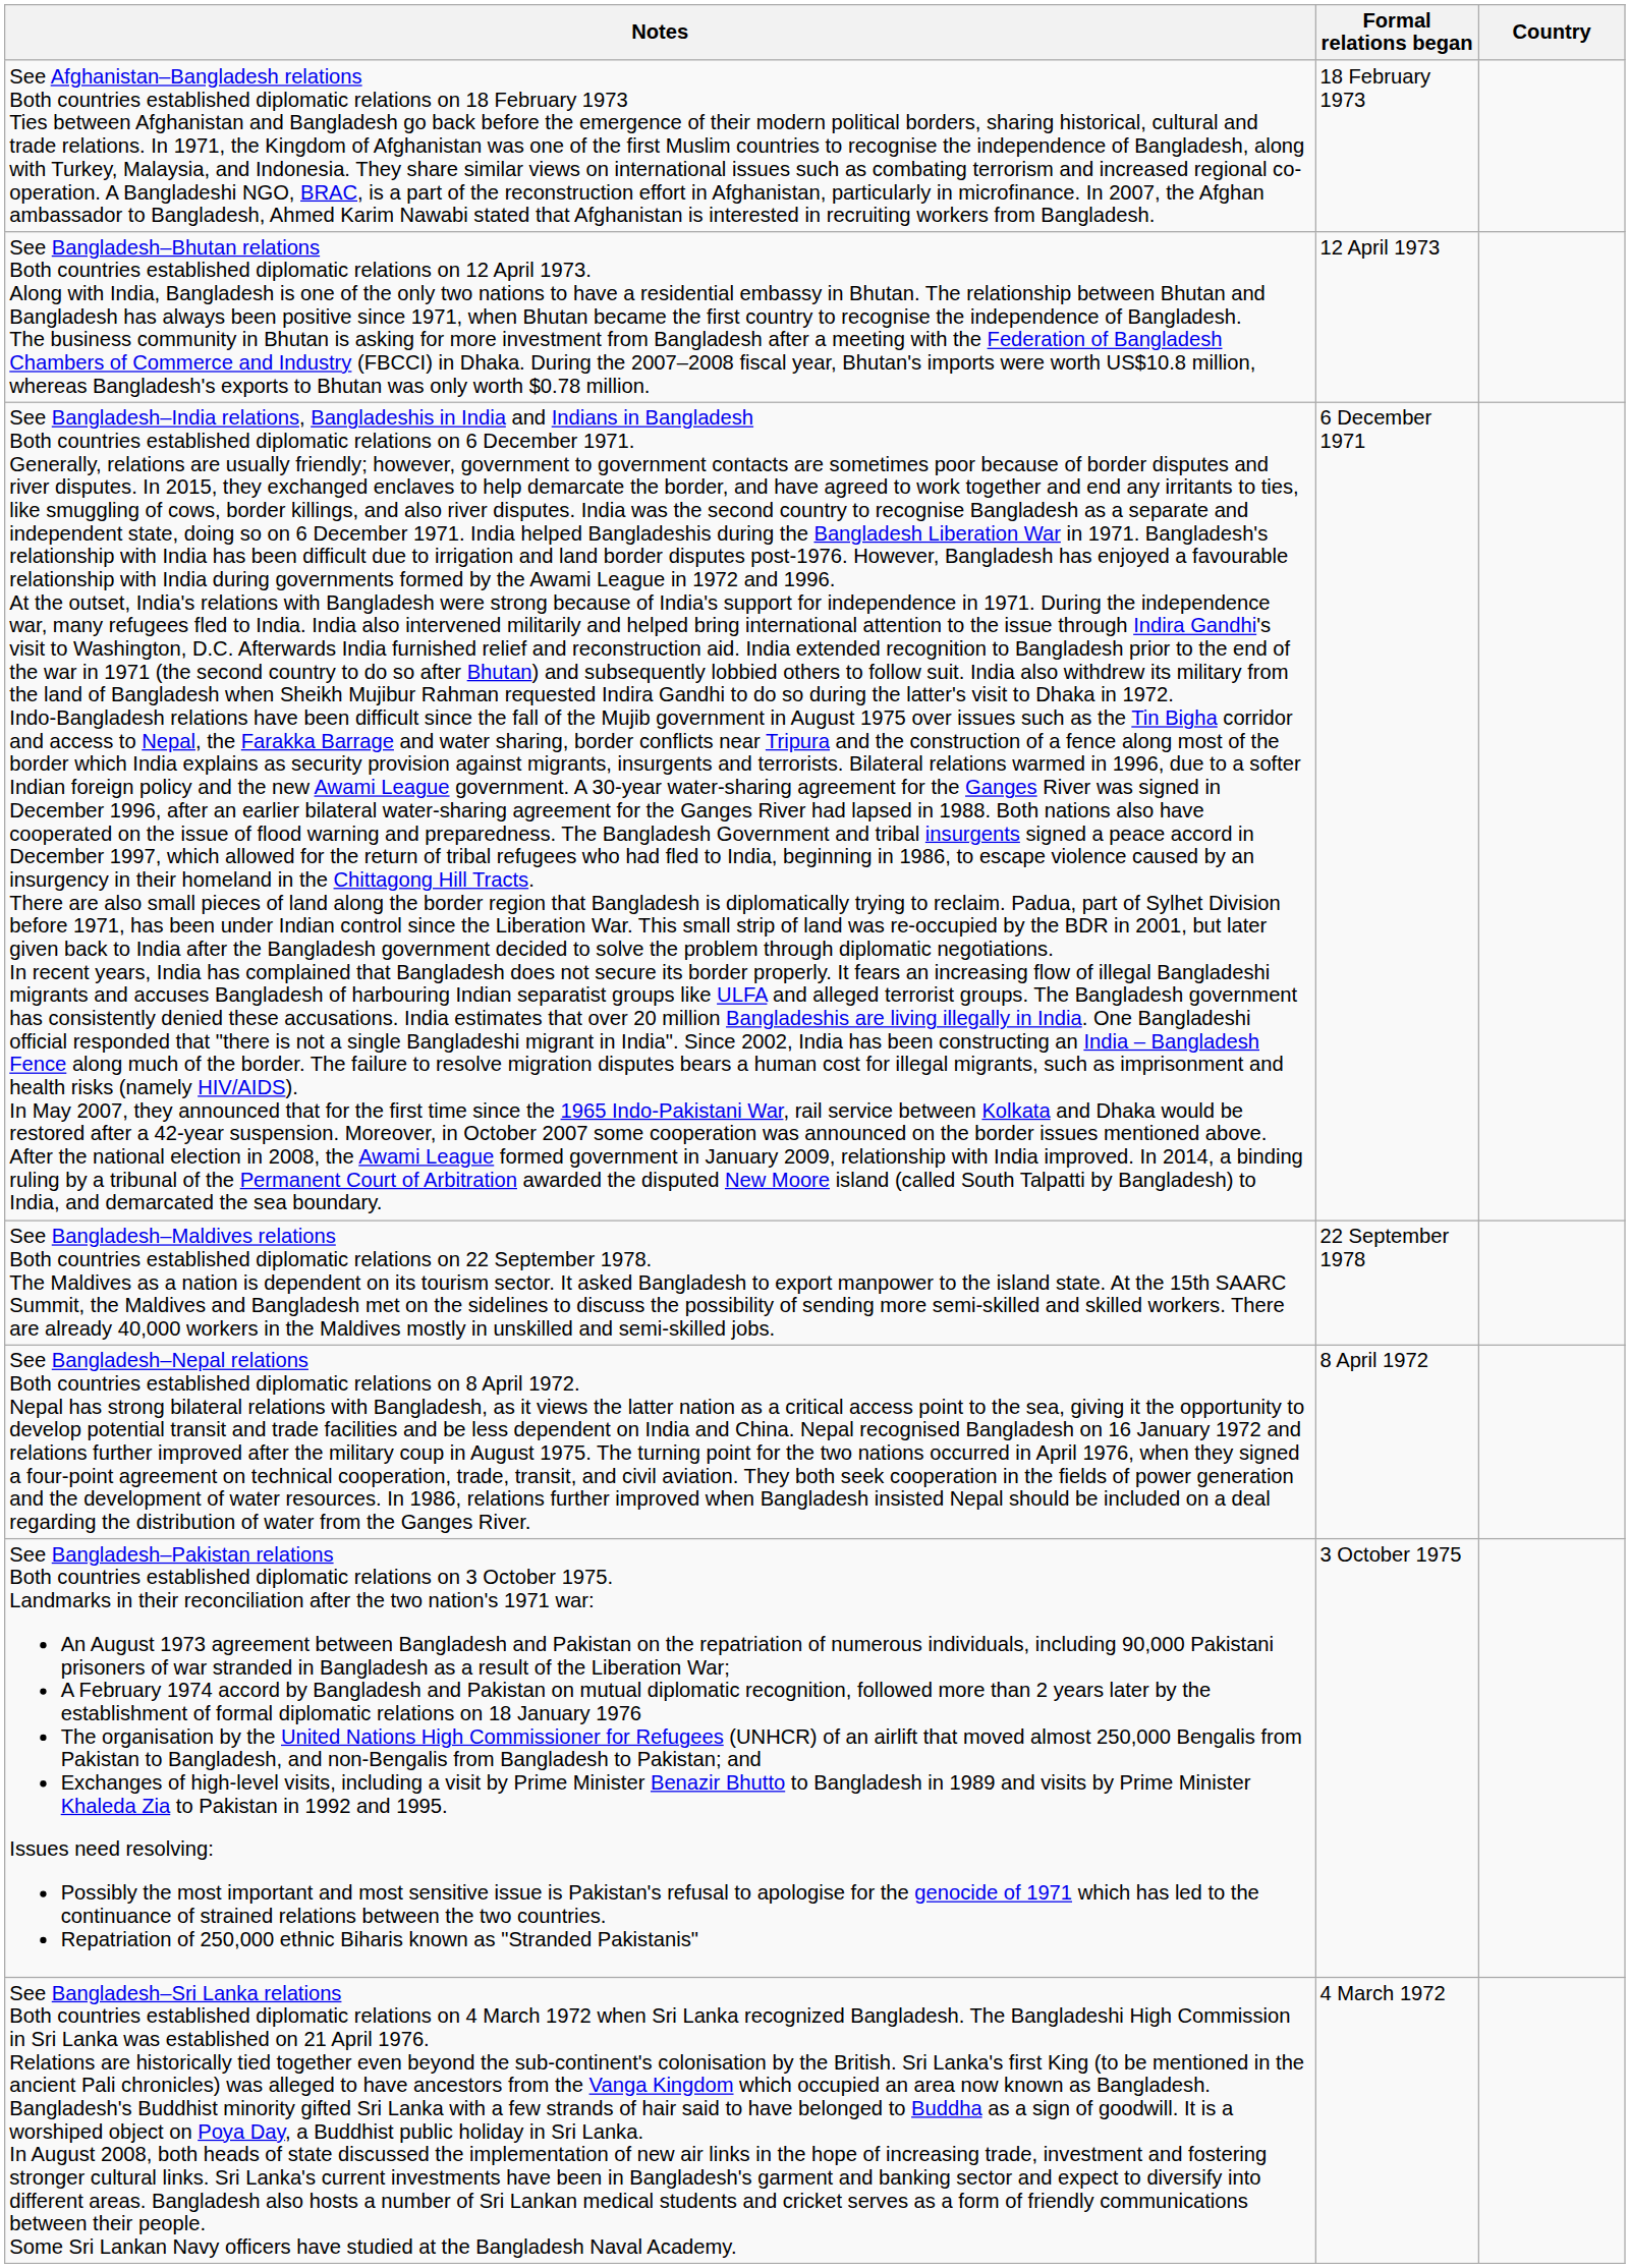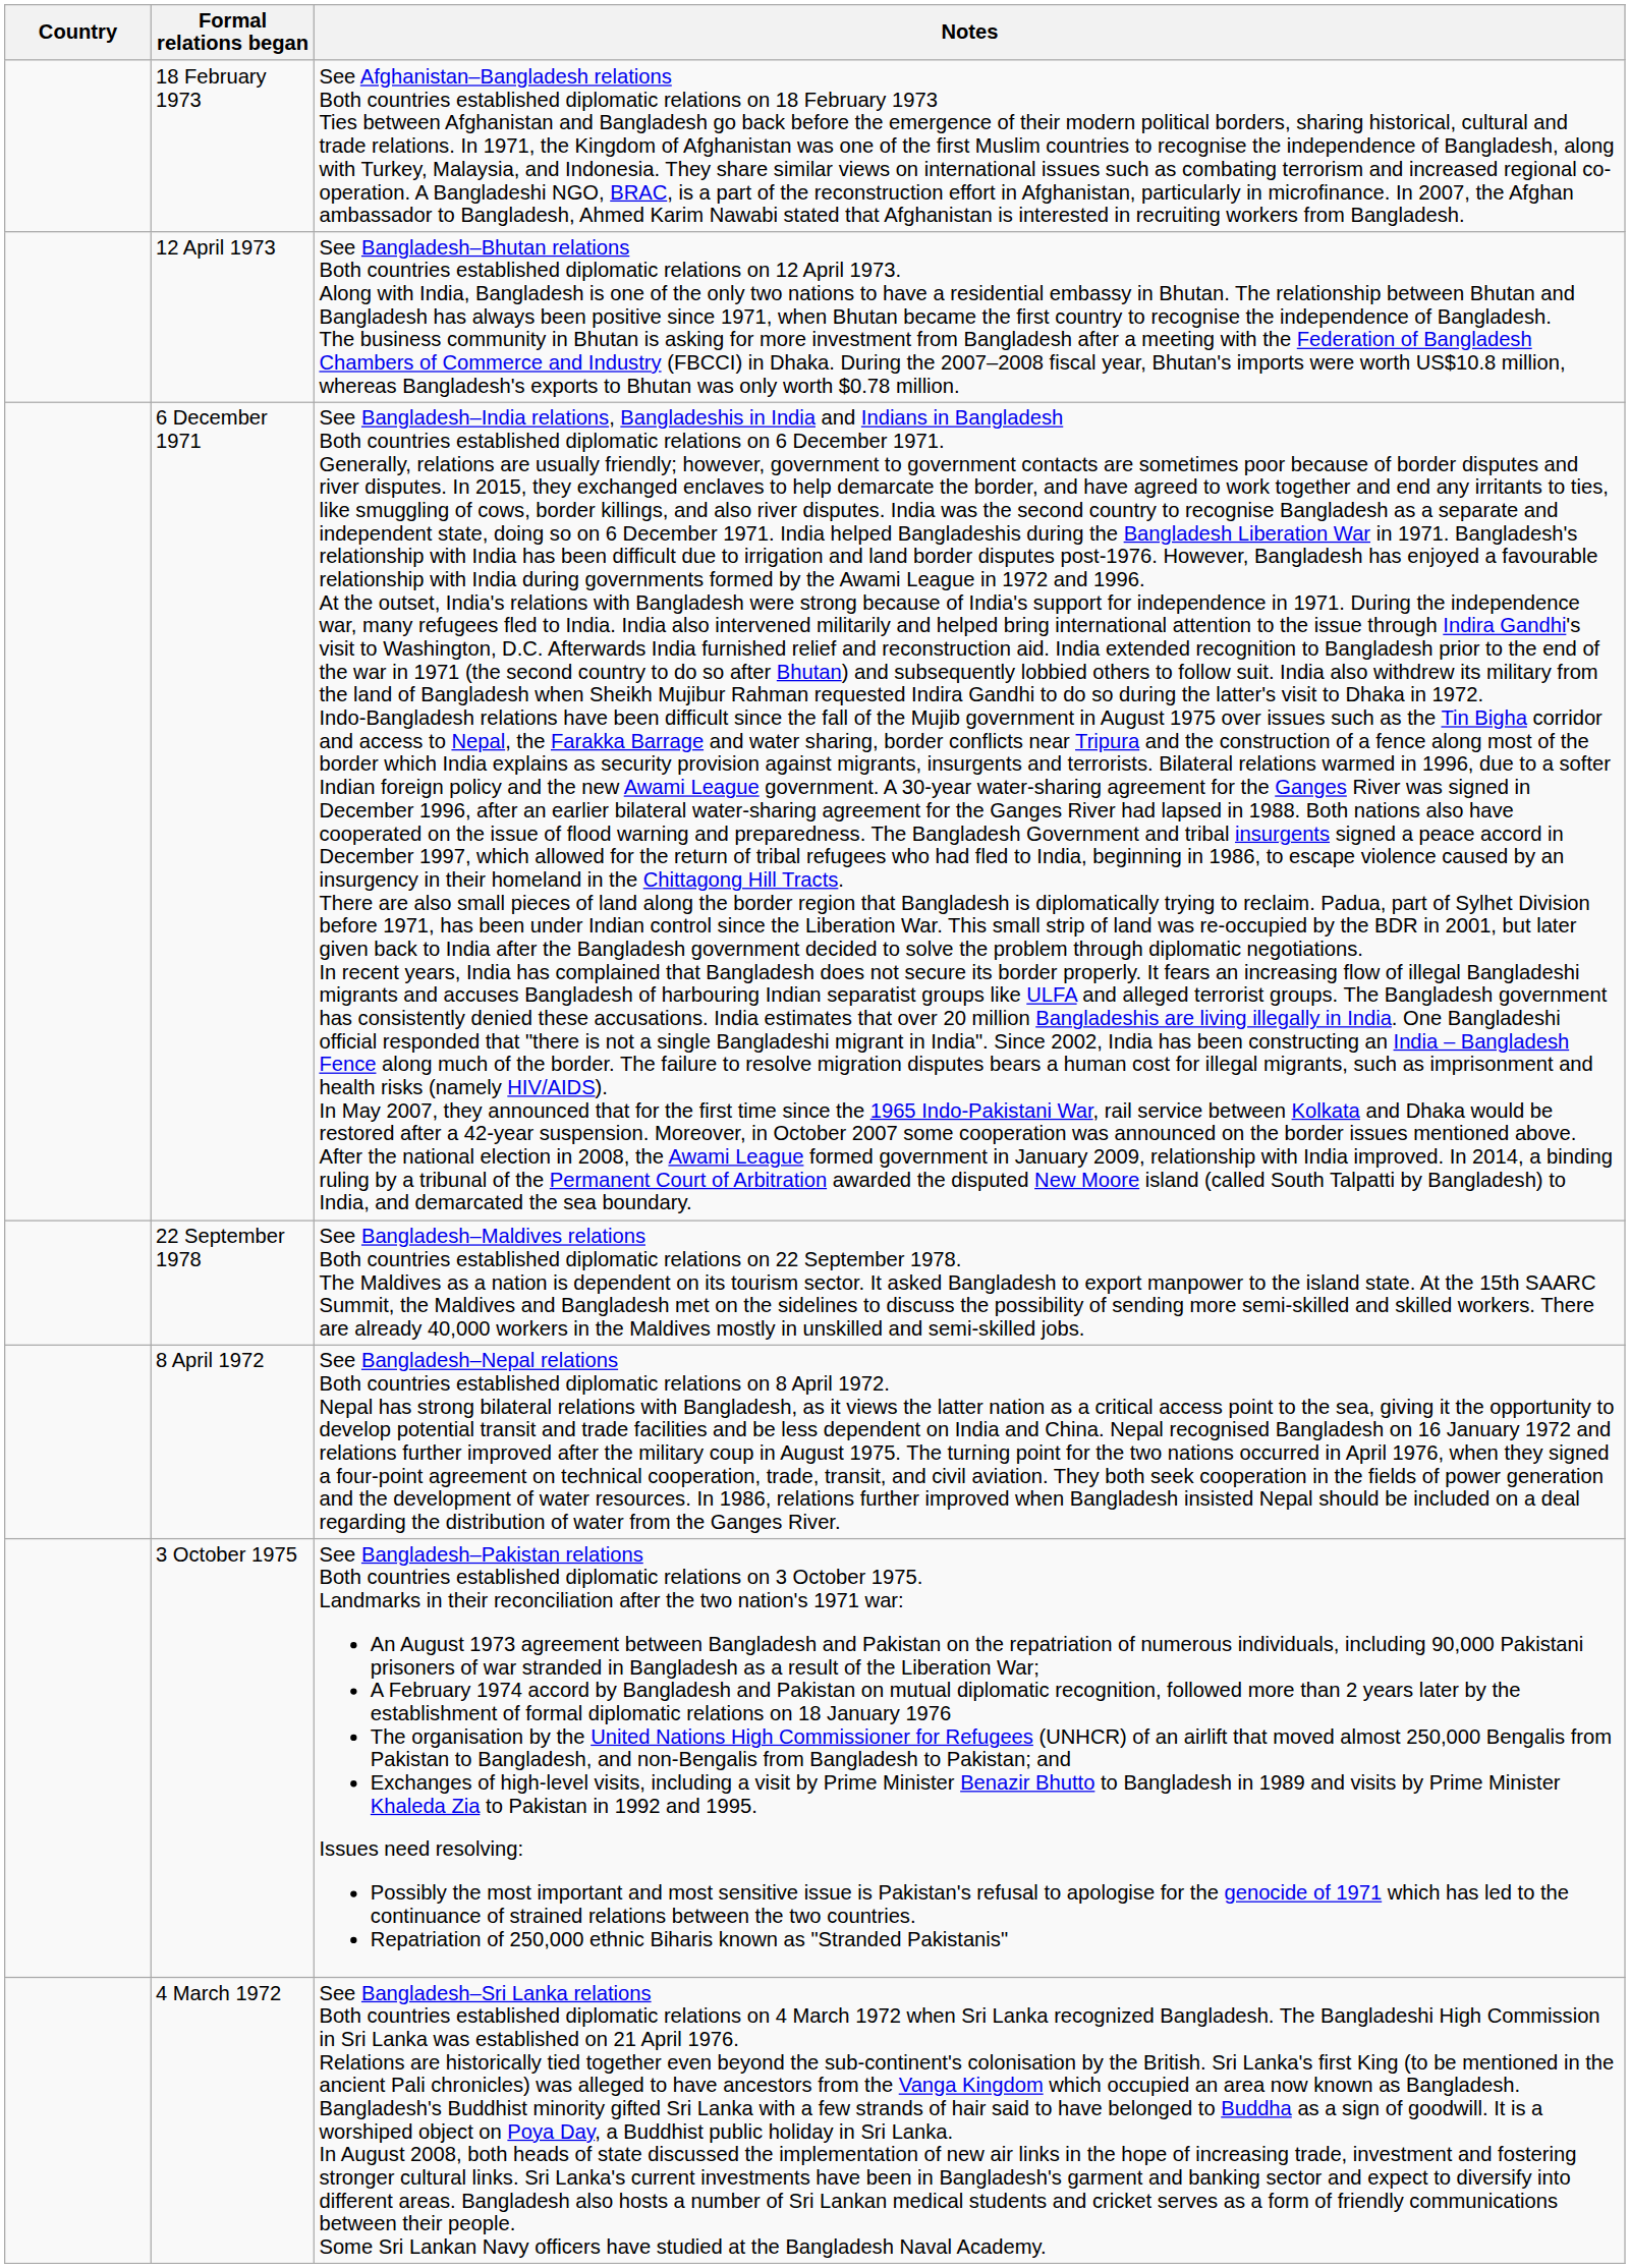 <table class="wikitable sortable" style="width:100%; margin:auto;">
 <tr>
+<th style="width:80pt;">Country</th>
+<th style="width:90pt;">Formal relations began</th>
 <th class=unsortable>Notes</th>
-<th style="width:90pt;">Formal relations began</th>
-<th style="width:80pt;">Country</th>
 </tr>
 <tr valign="top">
+<td></td>
+<td>18 February 1973</td>
 <td>See <a href='#'>Afghanistan–Bangladesh relations</a><br>Both countries established diplomatic relations on 18 February 1973<br>Ties between Afghanistan and Bangladesh go back before the emergence of their modern political borders, sharing historical, cultural and trade relations. In 1971, the Kingdom of Afghanistan was one of the first Muslim countries to recognise the independence of Bangladesh, along with Turkey, Malaysia, and Indonesia. They share similar views on international issues such as combating terrorism and increased regional co-operation. A Bangladeshi NGO, <a href='#'>BRAC</a>, is a part of the reconstruction effort in Afghanistan, particularly in microfinance. In 2007, the Afghan ambassador to Bangladesh, Ahmed Karim Nawabi stated that Afghanistan is interested in recruiting workers from Bangladesh.</td>
-<td>18 February 1973</td>
-<td></td>
 </tr>
 <tr valign="top">
+<td></td>
+<td>12 April 1973</td>
 <td>See <a href='#'>Bangladesh–Bhutan relations</a><br>Both countries established diplomatic relations on 12 April 1973.<br>Along with India, Bangladesh is one of the only two nations to have a residential embassy in Bhutan. The relationship between Bhutan and Bangladesh has always been positive since 1971, when Bhutan became the first country to recognise the independence of Bangladesh.<br>The business community in Bhutan is asking for more investment from Bangladesh after a meeting with the <a href='#'>Federation of Bangladesh Chambers of Commerce and Industry</a> (FBCCI) in Dhaka. During the 2007–2008 fiscal year, Bhutan's imports were worth US$10.8 million, whereas Bangladesh's exports to Bhutan was only worth $0.78 million.</td>
-<td>12 April 1973</td>
-<td></td>
 </tr>
 <tr valign="top">
+<td></td>
+<td>6 December 1971</td>
 <td>See <a href='#'>Bangladesh–India relations</a>, <a href='#'>Bangladeshis in India</a> and <a href='#'>Indians in Bangladesh</a><br>Both countries established diplomatic relations on 6 December 1971.<br>Generally, relations are usually friendly; however, government to government contacts are sometimes poor because of border disputes and river disputes. In 2015, they exchanged enclaves to help demarcate the border, and have agreed to work together and end any irritants to ties, like smuggling of cows, border killings, and also river disputes. India was the second country to recognise Bangladesh as a separate and independent state, doing so on 6 December 1971. India helped Bangladeshis during the <a href='#'>Bangladesh Liberation War</a> in 1971. Bangladesh's relationship with India has been difficult due to irrigation and land border disputes post-1976. However, Bangladesh has enjoyed a favourable relationship with India during governments formed by the Awami League in 1972 and 1996.<br>At the outset, India's relations with Bangladesh were strong because of India's support for independence in 1971. During the independence war, many refugees fled to India. India also intervened militarily and helped bring international attention to the issue through <a href='#'>Indira Gandhi</a>'s visit to Washington, D.C. Afterwards India furnished relief and reconstruction aid. India extended recognition to Bangladesh prior to the end of the war in 1971 (the second country to do so after <a href='#'>Bhutan</a>) and subsequently lobbied others to follow suit. India also withdrew its military from the land of Bangladesh when Sheikh Mujibur Rahman requested Indira Gandhi to do so during the latter's visit to Dhaka in 1972.<br>Indo-Bangladesh relations have been difficult since the fall of the Mujib government in August 1975 over issues such as the <a href='#'>Tin Bigha</a> corridor and access to <a href='#'>Nepal</a>, the <a href='#'>Farakka Barrage</a> and water sharing, border conflicts near <a href='#'>Tripura</a> and the construction of a fence along most of the border which India explains as security provision against migrants, insurgents and terrorists. Bilateral relations warmed in 1996, due to a softer Indian foreign policy and the new <a href='#'>Awami League</a> government. A 30-year water-sharing agreement for the <a href='#'>Ganges</a> River was signed in December 1996, after an earlier bilateral water-sharing agreement for the Ganges River had lapsed in 1988. Both nations also have cooperated on the issue of flood warning and preparedness. The Bangladesh Government and tribal <a href='#'>insurgents</a> signed a peace accord in December 1997, which allowed for the return of tribal refugees who had fled to India, beginning in 1986, to escape violence caused by an insurgency in their homeland in the <a href='#'>Chittagong Hill Tracts</a>.<br>There are also small pieces of land along the border region that Bangladesh is diplomatically trying to reclaim. Padua, part of Sylhet Division before 1971, has been under Indian control since the Liberation War. This small strip of land was re-occupied by the BDR in 2001, but later given back to India after the Bangladesh government decided to solve the problem through diplomatic negotiations.<br>In recent years, India has complained that Bangladesh does not secure its border properly. It fears an increasing flow of illegal Bangladeshi migrants and accuses Bangladesh of harbouring Indian separatist groups like <a href='#'>ULFA</a> and alleged terrorist groups. The Bangladesh government has consistently denied these accusations. India estimates that over 20 million <a href='#'>Bangladeshis are living illegally in India</a>. One Bangladeshi official responded that "there is not a single Bangladeshi migrant in India". Since 2002, India has been constructing an <a href='#'>India – Bangladesh Fence</a> along much of the  border. The failure to resolve migration disputes bears a human cost for illegal migrants, such as imprisonment and health risks (namely <a href='#'>HIV/AIDS</a>).<br>In May 2007, they announced that for the first time since the <a href='#'>1965 Indo-Pakistani War</a>, rail service between <a href='#'>Kolkata</a> and Dhaka would be restored after a 42-year suspension. Moreover, in October 2007 some cooperation was announced on the border issues mentioned above. After the national election in 2008, the <a href='#'>Awami League</a> formed government in January 2009, relationship with India improved. In 2014, a binding ruling by a tribunal of the <a href='#'>Permanent Court of Arbitration</a> awarded the disputed <a href='#'>New Moore</a> island (called South Talpatti by Bangladesh) to India, and demarcated the sea boundary.</td>
-<td>6 December 1971</td>
-<td></td>
 </tr>
 <tr valign="top">
+<td></td>
+<td>22 September 1978</td>
 <td>See <a href='#'>Bangladesh–Maldives relations</a><br>Both countries established diplomatic relations on 22 September 1978.<br>The Maldives as a nation is dependent on its tourism sector. It asked Bangladesh to export manpower to the island state. At the 15th SAARC Summit, the Maldives and Bangladesh met on the sidelines to discuss the possibility of sending more semi-skilled and skilled workers. There are already 40,000 workers in the Maldives mostly in unskilled and semi-skilled jobs.</td>
-<td>22 September 1978</td>
-<td></td>
 </tr>
 <tr valign="top">
+<td></td>
+<td>8 April 1972</td>
 <td>See <a href='#'>Bangladesh–Nepal relations</a><br>Both countries established diplomatic relations on 8 April 1972.<br>Nepal has strong bilateral relations with Bangladesh, as it views the latter nation as a critical access point to the sea, giving it the opportunity to develop potential transit and trade facilities and be less dependent on India and China. Nepal recognised Bangladesh on 16 January 1972 and relations further improved after the military coup in August 1975. The turning point for the two nations occurred in April 1976, when they signed a four-point agreement on technical cooperation, trade, transit, and civil aviation. They both seek cooperation in the fields of power generation and the development of water resources. In 1986, relations further improved when Bangladesh insisted Nepal should be included on a deal regarding the distribution of water from the Ganges River.</td>
-<td>8 April 1972</td>
-<td></td>
 </tr>
 <tr valign="top">
+<td></td>
+<td>3 October 1975</td>
 <td>See <a href='#'>Bangladesh–Pakistan relations</a><br>Both countries established diplomatic relations on 3 October 1975.<br>Landmarks in their reconciliation after the two nation's 1971 war:<ul><li>An August 1973 agreement between Bangladesh and Pakistan on the repatriation of numerous individuals, including 90,000 Pakistani prisoners of war stranded in Bangladesh as a result of the Liberation War;</li><li>A February 1974 accord by Bangladesh and Pakistan on mutual diplomatic recognition, followed more than 2 years later by the establishment of formal diplomatic relations on 18 January 1976</li><li>The organisation by the <a href='#'>United Nations High Commissioner for Refugees</a> (UNHCR) of an airlift that moved almost 250,000 Bengalis from Pakistan to Bangladesh, and non-Bengalis from Bangladesh to Pakistan; and</li><li>Exchanges of high-level visits, including a visit by Prime Minister <a href='#'>Benazir Bhutto</a> to Bangladesh in 1989 and visits by Prime Minister <a href='#'>Khaleda Zia</a> to Pakistan in 1992 and 1995.</li></ul>Issues need resolving:<ul><li>Possibly the most important and most sensitive issue is Pakistan's refusal to apologise for the <a href='#'>genocide of 1971</a> which has led to the continuance of strained relations between the two countries.</li><li>Repatriation of 250,000 ethnic Biharis known as "Stranded Pakistanis"</li></ul></td>
-<td>3 October 1975</td>
-<td></td>
 </tr>
 <tr valign="top">
+<td></td>
+<td>4 March 1972</td>
 <td>See <a href='#'>Bangladesh–Sri Lanka relations</a><br>Both countries established diplomatic relations on 4 March 1972 when Sri Lanka recognized Bangladesh. The Bangladeshi High Commission in Sri Lanka was established on 21 April 1976.<br>Relations are historically tied together even beyond the sub-continent's colonisation by the British. Sri Lanka's first King (to be mentioned in the ancient Pali chronicles) was alleged to have ancestors from the <a href='#'>Vanga Kingdom</a> which occupied an area now known as Bangladesh. Bangladesh's Buddhist minority gifted Sri Lanka with a few strands of hair said to have belonged to <a href='#'>Buddha</a> as a sign of goodwill. It is a worshiped object on <a href='#'>Poya Day</a>, a Buddhist public holiday in Sri Lanka.<br>In August 2008, both heads of state discussed the implementation of new air links in the hope of increasing trade, investment and fostering stronger cultural links. Sri Lanka's current investments have been in Bangladesh's garment and banking sector and expect to diversify into different areas. Bangladesh also hosts a number of Sri Lankan medical students and cricket serves as a form of friendly communications between their people.<br>Some Sri Lankan Navy officers have studied at the Bangladesh Naval Academy.</td>
-<td>4 March 1972</td>
-<td></td>
 </tr>
 </table>
